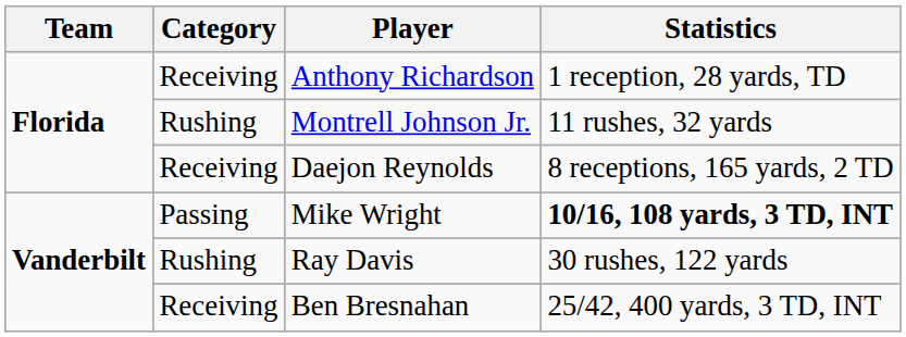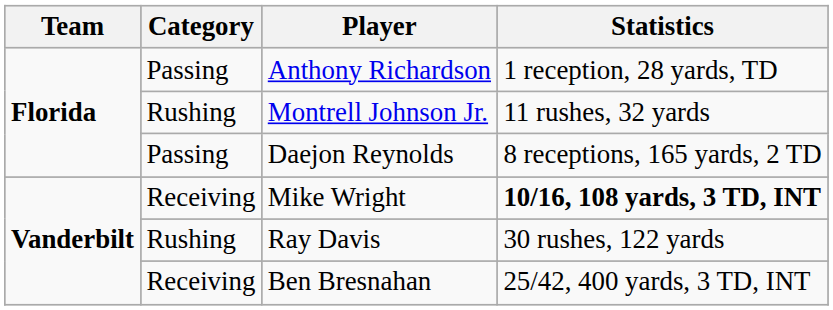 <table class="wikitable" style="float: left;">
 <tr>
 <th>Team</th>
 <th>Category</th>
 <th>Player</th>
 <th>Statistics</th>
 </tr>
 <tr>
 <td rowspan=3><strong>Florida</strong></td>
-<td>Receiving</td>
+<td>Passing</td>
 <td><a href='#'>Anthony Richardson</a></td>
 <td>1 reception, 28 yards, TD</td>
 </tr>
 <tr>
 <td>Rushing</td>
 <td><a href='#'>Montrell Johnson Jr.</a></td>
 <td>11 rushes, 32 yards</td>
 </tr>
 <tr>
-<td>Receiving</td>
+<td>Passing</td>
 <td>Daejon Reynolds</td>
 <td>8 receptions, 165 yards, 2 TD</td>
 </tr>
 <tr>
 <td rowspan=3><strong>Vanderbilt</strong></td>
-<td>Passing</td>
+<td>Receiving</td>
 <td>Mike Wright</td>
 <td><strong>10/16, 108 yards, 3 TD, INT</strong></td>
 </tr>
 <tr>
 <td>Rushing</td>
 <td>Ray Davis</td>
 <td>30 rushes, 122 yards</td>
 </tr>
 <tr>
 <td>Receiving</td>
 <td>Ben Bresnahan</td>
 <td>25/42, 400 yards, 3 TD, INT</td>
 </tr>
 </table>
